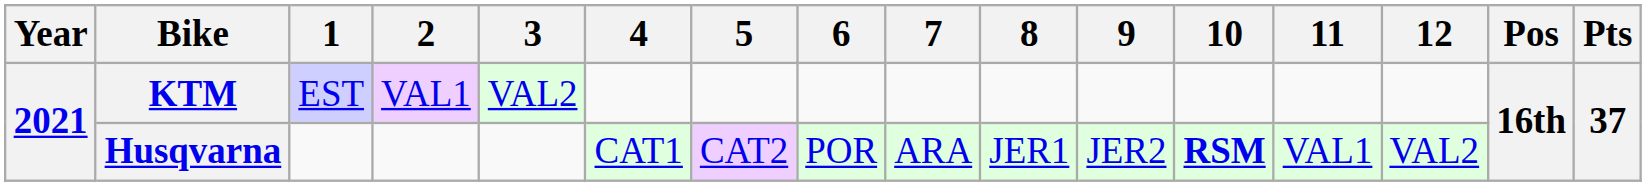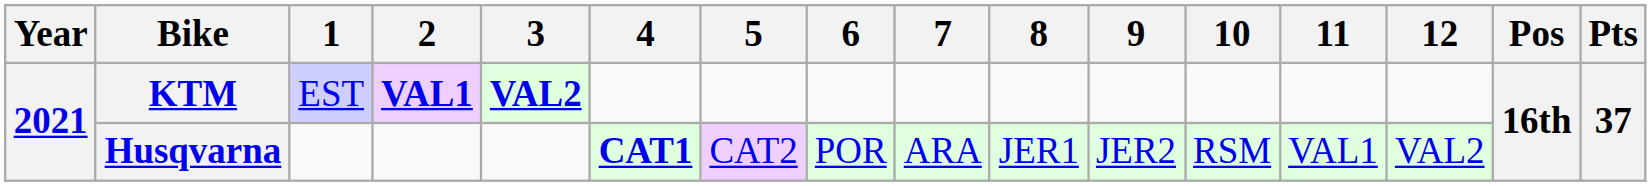 <table class="wikitable" style="text-align:center;">
 <tr>
 <th>Year</th>
 <th>Bike</th>
 <th>1</th>
 <th>2</th>
 <th>3</th>
 <th>4</th>
 <th>5</th>
 <th>6</th>
 <th>7</th>
 <th>8</th>
 <th>9</th>
 <th>10</th>
 <th>11</th>
 <th>12</th>
 <th>Pos</th>
 <th>Pts</th>
 </tr>
 <tr>
 <th rowspan="2"><a href='#'>2021</a></th>
 <th><a href='#'>KTM</a></th>
 <td style="background:#cfcfff;"><a href='#'>EST</a><br></td>
-<td style="background:#efcfff;"><a href='#'>VAL1</a><br></td>
-<td style="background:#dfffdf;"><a href='#'>VAL2</a><br></td>
+<td style="background:#efcfff;"><strong><a href='#'>VAL1</a><br></strong></td>
+<td style="background:#dfffdf;"><strong><a href='#'>VAL2</a><br></strong></td>
 <td></td>
 <td></td>
 <td></td>
 <td></td>
 <td></td>
 <td></td>
 <td></td>
 <td></td>
 <td></td>
 <th rowspan="2">16th</th>
 <th rowspan="2">37</th>
 </tr>
 <tr>
 <th><a href='#'>Husqvarna</a></th>
 <td></td>
 <td></td>
 <td></td>
-<td style="background:#dfffdf;"><a href='#'>CAT1</a><br></td>
+<td style="background:#dfffdf;"><strong><a href='#'>CAT1</a><br></strong></td>
 <td style="background:#efcfff;"><a href='#'>CAT2</a><br></td>
 <td style="background:#dfffdf;"><a href='#'>POR</a><br></td>
 <td style="background:#dfffdf;"><a href='#'>ARA</a><br></td>
 <td style="background:#dfffdf;"><a href='#'>JER1</a><br></td>
 <td style="background:#dfffdf;"><a href='#'>JER2</a><br></td>
-<td style="background:#dfffdf;"><strong><a href='#'>RSM</a><br></strong></td>
+<td style="background:#dfffdf;"><a href='#'>RSM</a><br></td>
 <td style="background:#dfffdf;"><a href='#'>VAL1</a><br></td>
 <td style="background:#dfffdf;"><a href='#'>VAL2</a><br></td>
 </tr>
 </table>
